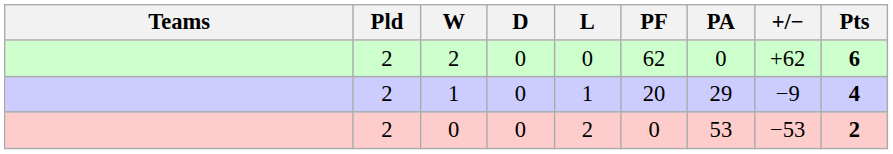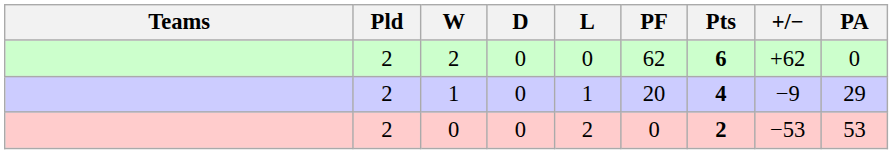 <table class="wikitable" style="text-align: center;">
 <tr>
 <th width="240">Teams</th>
 <th width="40">Pld</th>
 <th width="40">W</th>
 <th width="40">D</th>
 <th width="40">L</th>
 <th width="40">PF</th>
+<th width="40">Pts</th>
+<th width="40">+/−</th>
 <th width="40">PA</th>
-<th width="40">+/−</th>
-<th width="40">Pts</th>
 </tr>
 <tr style="background-color:#ccffcc;">
 <td align=left></td>
 <td>2</td>
 <td>2</td>
 <td>0</td>
 <td>0</td>
 <td>62</td>
+<td><strong>6</strong></td>
+<td>+62</td>
 <td>0</td>
-<td>+62</td>
-<td><strong>6</strong></td>
 </tr>
 <tr style="background-color:#ccccff;">
 <td align=left></td>
 <td>2</td>
 <td>1</td>
 <td>0</td>
 <td>1</td>
 <td>20</td>
+<td><strong>4</strong></td>
+<td>−9</td>
 <td>29</td>
-<td>−9</td>
-<td><strong>4</strong></td>
 </tr>
 <tr style="background-color:#ffcccc;">
 <td align=left></td>
 <td>2</td>
 <td>0</td>
 <td>0</td>
 <td>2</td>
 <td>0</td>
+<td><strong>2</strong></td>
+<td>−53</td>
 <td>53</td>
-<td>−53</td>
-<td><strong>2</strong></td>
 </tr>
 </table>
